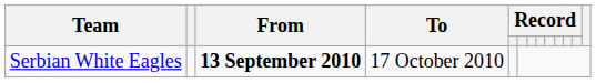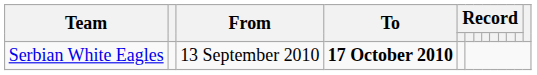 <table class="wikitable" style="text-align:center">
 <tr>
 <th rowspan="2">Team</th>
 <th rowspan="2"></th>
 <th rowspan="2">From</th>
 <th rowspan="2">To</th>
 <th colspan="8">Record</th>
 <th rowspan=2></th>
 </tr>
 <tr>
 <th></th>
 <th></th>
 <th></th>
 <th></th>
 <th></th>
 <th></th>
 <th></th>
 <th></th>
 </tr>
 <tr>
 <td align=left><a href='#'>Serbian White Eagles</a></td>
 <td></td>
-<td align=left><strong>13 September 2010</strong></td>
-<td align=left>17 October 2010<br></td>
+<td align=left>13 September 2010</td>
+<td align=left><strong>17 October 2010<br></strong></td>
 <td><br></td>
 </tr>
 </table>
